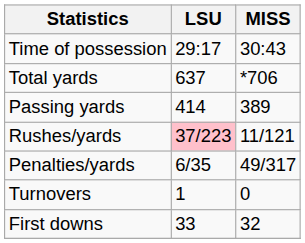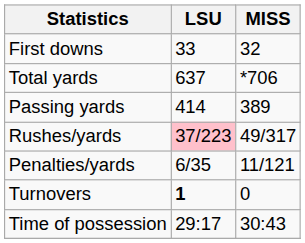 <table class="wikitable" style="float: left;">
 <tr>
 <th>Statistics</th>
 <th>LSU</th>
 <th>MISS</th>
 </tr>
 <tr>
-<td>Time of possession</td>
-<td>29:17</td>
-<td>30:43</td>
+<td>First downs</td>
+<td>33</td>
+<td>32</td>
 </tr>
 <tr>
 <td>Total yards</td>
 <td>637</td>
 <td>*706</td>
 </tr>
 <tr>
 <td>Passing yards</td>
 <td>414</td>
 <td>389</td>
 </tr>
 <tr>
 <td>Rushes/yards</td>
 <td style="background: pink;">37/223</td>
-<td>11/121</td>
+<td>49/317</td>
 </tr>
 <tr>
 <td>Penalties/yards</td>
 <td>6/35</td>
-<td>49/317</td>
+<td>11/121</td>
 </tr>
 <tr>
 <td>Turnovers</td>
-<td>1</td>
+<td><strong>1</strong></td>
 <td>0</td>
 </tr>
 <tr>
-<td>First downs</td>
-<td>33</td>
-<td>32</td>
+<td>Time of possession</td>
+<td>29:17</td>
+<td>30:43</td>
 </tr>
 <tr>
 </tr>
 </table>
